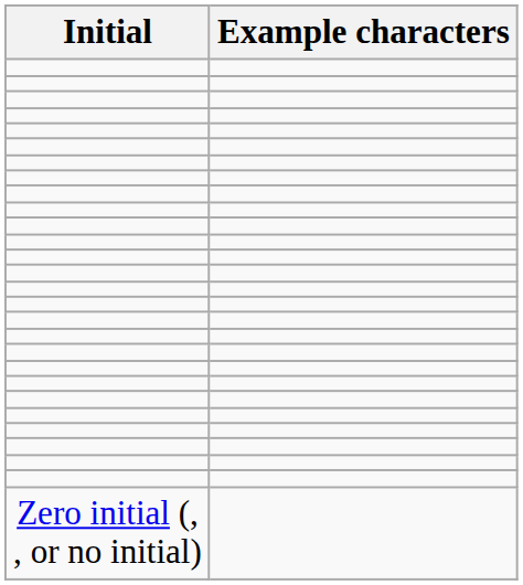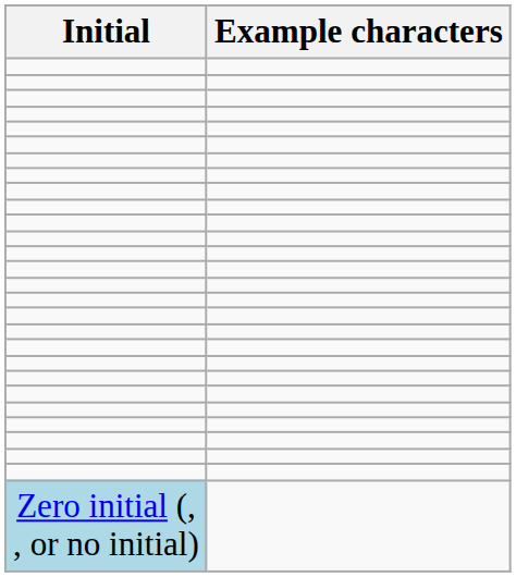 <table class="wikitable" style="text-align:center;">
 <tr>
 <th>Initial</th>
 <th>Example characters</th>
 </tr>
 <tr>
 <td></td>
 <td></td>
 </tr>
 <tr>
 <td></td>
 <td></td>
 </tr>
 <tr>
 <td></td>
 <td></td>
 </tr>
 <tr>
 <td></td>
 <td></td>
 </tr>
 <tr>
 <td></td>
 <td></td>
 </tr>
 <tr>
 <td></td>
 <td></td>
 </tr>
 <tr>
 <td></td>
 <td></td>
 </tr>
 <tr>
 <td></td>
 <td></td>
 </tr>
 <tr>
 <td></td>
 <td></td>
 </tr>
 <tr>
 <td></td>
 <td></td>
 </tr>
 <tr>
 <td></td>
 <td></td>
 </tr>
 <tr>
 <td></td>
 <td></td>
 </tr>
 <tr>
 <td></td>
 <td></td>
 </tr>
 <tr>
 <td></td>
 <td></td>
 </tr>
 <tr>
 <td></td>
 <td></td>
 </tr>
 <tr>
 <td></td>
 <td></td>
 </tr>
 <tr>
 <td></td>
 <td></td>
 </tr>
 <tr>
 <td></td>
 <td></td>
 </tr>
 <tr>
 <td></td>
 <td></td>
 </tr>
 <tr>
 <td></td>
 <td></td>
 </tr>
 <tr>
 <td></td>
 <td></td>
 </tr>
 <tr>
 <td></td>
 <td></td>
 </tr>
 <tr>
 <td></td>
 <td></td>
 </tr>
 <tr>
 <td></td>
 <td></td>
 </tr>
 <tr>
 <td></td>
 <td></td>
 </tr>
 <tr>
 <td></td>
 <td></td>
 </tr>
 <tr>
 <td></td>
 <td></td>
 </tr>
 <tr>
-<td><a href='#'>Zero initial</a> (,<br>, or no initial)</td>
+<td style="background: lightblue;"><a href='#'>Zero initial</a> (,<br>, or no initial)</td>
 <td></td>
 </tr>
 </table>
